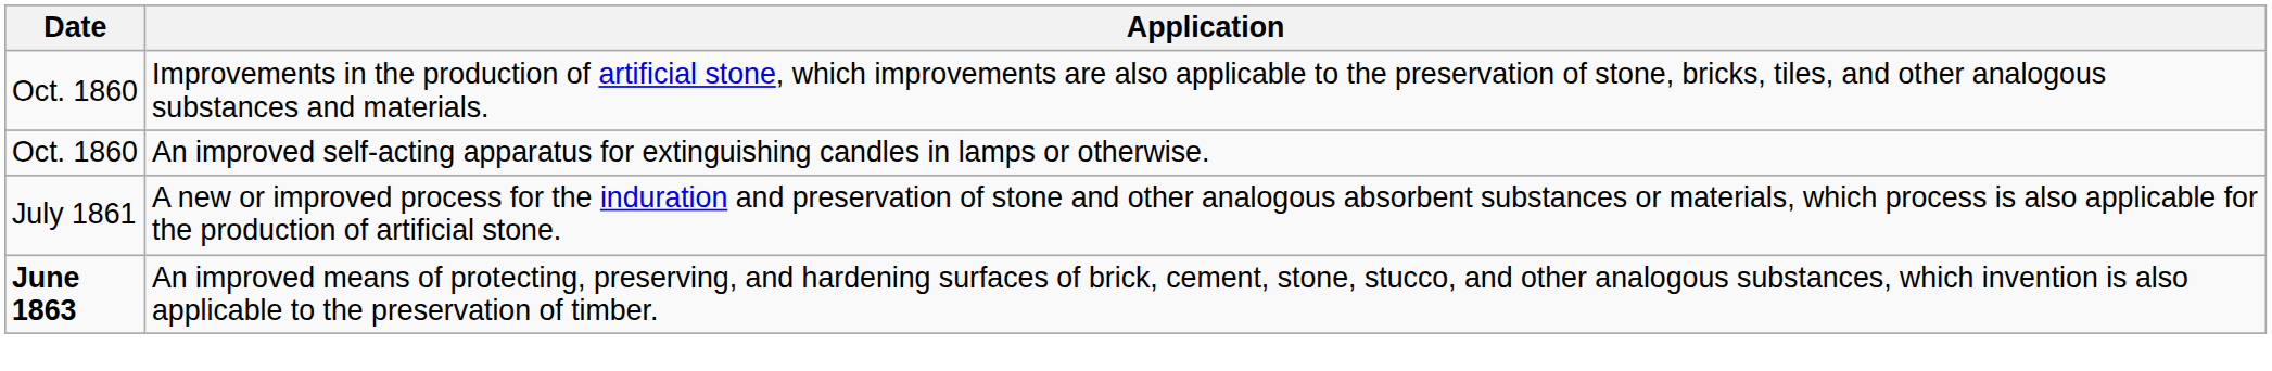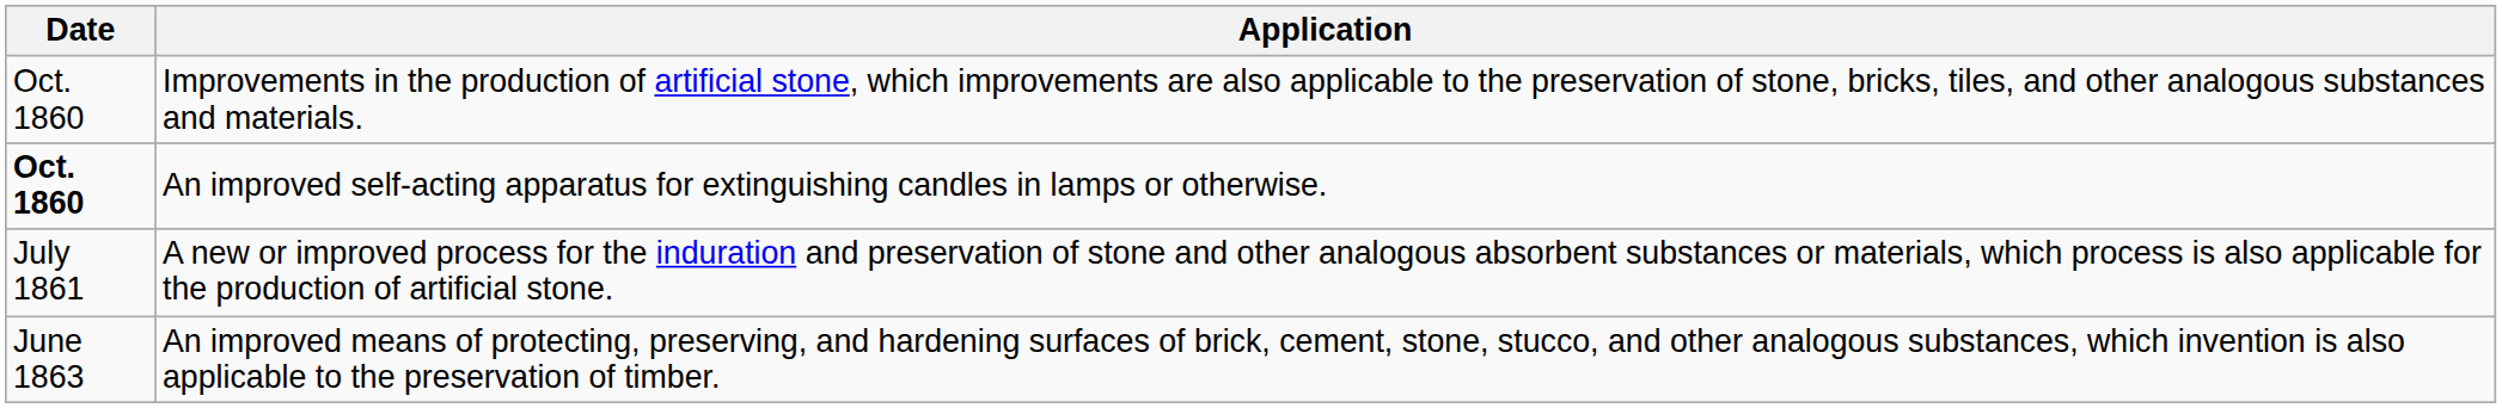 <table class="wikitable">
 <tr>
 <th>Date</th>
 <th>Application</th>
 </tr>
 <tr>
 <td>Oct. 1860</td>
 <td>Improvements in the production of <a href='#'>artificial stone</a>, which improvements are also applicable to the preservation of stone, bricks, tiles, and other analogous substances and materials.</td>
 </tr>
 <tr>
-<td>Oct. 1860</td>
+<td><strong>Oct. 1860</strong></td>
 <td>An improved self-acting apparatus for extinguishing candles in lamps or otherwise.</td>
 </tr>
 <tr>
 <td>July 1861</td>
 <td>A new or improved process for the <a href='#'>induration</a> and preservation of stone and other analogous absorbent substances or materials, which process is also applicable for the production of artificial stone.</td>
 </tr>
 <tr>
-<td><strong>June 1863</strong></td>
+<td>June 1863</td>
 <td>An improved means of protecting, preserving, and hardening surfaces of brick, cement, stone, stucco, and other analogous substances, which invention is also applicable to the preservation of timber.</td>
 </tr>
 </table>
